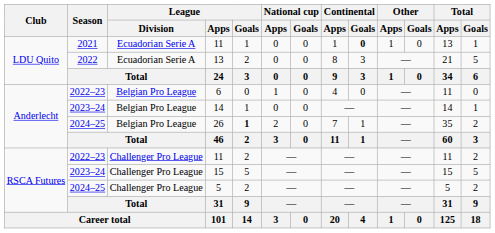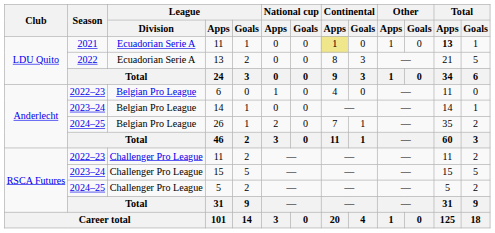 <table class="wikitable" style="text-align:center">
 <tr>
 <th rowspan="2">Club</th>
 <th rowspan="2">Season</th>
 <th colspan="3">League</th>
 <th colspan="2">National cup</th>
 <th colspan="2">Continental</th>
 <th colspan="2">Other</th>
 <th colspan="2">Total</th>
 </tr>
 <tr>
 <th>Division</th>
 <th>Apps</th>
 <th>Goals</th>
 <th>Apps</th>
 <th>Goals</th>
 <th>Apps</th>
 <th>Goals</th>
 <th>Apps</th>
 <th>Goals</th>
 <th>Apps</th>
 <th>Goals</th>
 </tr>
 <tr>
 <td rowspan="3"><a href='#'>LDU Quito</a></td>
 <td><a href='#'>2021</a></td>
 <td><a href='#'>Ecuadorian Serie A</a></td>
 <td>11</td>
 <td>1</td>
 <td>0</td>
 <td>0</td>
-<td>1</td>
-<td><strong>0</strong></td>
+<td style="background: khaki;">1</td>
+<td>0</td>
 <td>1</td>
 <td>0</td>
-<td>13</td>
+<td><strong>13</strong></td>
 <td>1</td>
 </tr>
 <tr>
 <td><a href='#'>2022</a></td>
 <td>Ecuadorian Serie A</td>
 <td>13</td>
 <td>2</td>
 <td>0</td>
 <td>0</td>
 <td>8</td>
 <td>3</td>
 <td colspan="2">—</td>
 <td>21</td>
 <td>5</td>
 </tr>
 <tr>
 <th colspan="2">Total</th>
 <th>24</th>
 <th>3</th>
 <th>0</th>
 <th>0</th>
 <th>9</th>
 <th>3</th>
 <th>1</th>
 <th>0</th>
 <th>34</th>
 <th>6</th>
 </tr>
 <tr>
 <td rowspan="4"><a href='#'>Anderlecht</a></td>
 <td><a href='#'>2022–23</a></td>
 <td><a href='#'>Belgian Pro League</a></td>
 <td>6</td>
 <td>0</td>
 <td>1</td>
 <td>0</td>
 <td>4</td>
 <td>0</td>
 <td colspan="2">—</td>
 <td>11</td>
 <td>0</td>
 </tr>
 <tr>
 <td><a href='#'>2023–24</a></td>
 <td>Belgian Pro League</td>
 <td>14</td>
 <td>1</td>
 <td>0</td>
 <td>0</td>
 <td colspan="2">—</td>
 <td colspan="2">—</td>
 <td>14</td>
 <td>1</td>
 </tr>
 <tr>
 <td><a href='#'>2024–25</a></td>
 <td>Belgian Pro League</td>
 <td>26</td>
-<td><strong>1</strong></td>
+<td>1</td>
 <td>2</td>
 <td>0</td>
 <td>7</td>
 <td>1</td>
 <td colspan="2">—</td>
 <td>35</td>
 <td>2</td>
 </tr>
 <tr>
 <th colspan="2">Total</th>
 <th>46</th>
 <th>2</th>
 <th>3</th>
 <th>0</th>
 <th>11</th>
 <th>1</th>
 <th colspan="2">—</th>
 <th>60</th>
 <th>3</th>
 </tr>
 <tr>
 <td rowspan="4"><a href='#'>RSCA Futures</a></td>
 <td><a href='#'>2022–23</a></td>
 <td><a href='#'>Challenger Pro League</a></td>
 <td>11</td>
 <td>2</td>
 <td colspan="2">—</td>
 <td colspan="2">—</td>
 <td colspan="2">—</td>
 <td>11</td>
 <td>2</td>
 </tr>
 <tr>
 <td><a href='#'>2023–24</a></td>
 <td>Challenger Pro League</td>
 <td>15</td>
 <td>5</td>
 <td colspan="2">—</td>
 <td colspan="2">—</td>
 <td colspan="2">—</td>
 <td>15</td>
 <td>5</td>
 </tr>
 <tr>
 <td><a href='#'>2024–25</a></td>
 <td>Challenger Pro League</td>
 <td>5</td>
 <td>2</td>
 <td colspan="2">—</td>
 <td colspan="2">—</td>
 <td colspan="2">—</td>
 <td>5</td>
 <td>2</td>
 </tr>
 <tr>
 <th colspan="2">Total</th>
 <th>31</th>
 <th>9</th>
 <th colspan="2">—</th>
 <th colspan="2">—</th>
 <th colspan="2">—</th>
 <th>31</th>
 <th>9</th>
 </tr>
 <tr>
 <th colspan="3">Career total</th>
 <th>101</th>
 <th>14</th>
 <th>3</th>
 <th>0</th>
 <th>20</th>
 <th>4</th>
 <th>1</th>
 <th>0</th>
 <th>125</th>
 <th>18</th>
 </tr>
 </table>
